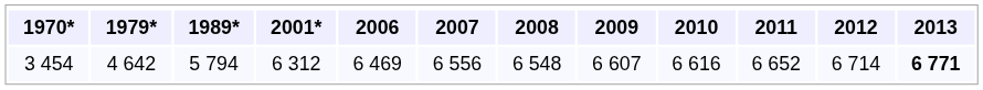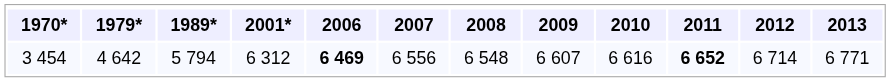 <table width="40%" align="center" border="0" cellspacing="2" cellpadding="5" style="border:1px solid #AAAAAA;">
 <tr bgcolor="#AAAAFF">
 </tr>
 <tr bgcolor="#eeeeff">
 <th>1970*</th>
 <th>1979*</th>
 <th>1989*</th>
 <th>2001*</th>
 <th>2006</th>
 <th>2007</th>
 <th>2008</th>
 <th>2009</th>
 <th>2010</th>
 <th>2011</th>
 <th>2012</th>
 <th>2013</th>
 </tr>
 <tr bgcolor="#f7f9ff">
 <td align=center>3 454</td>
 <td align=center>4 642</td>
 <td align=center>5 794</td>
 <td align=center>6 312</td>
-<td align=center>6 469</td>
+<td align=center><strong>6 469</strong></td>
 <td align=center>6 556</td>
 <td align=center>6 548</td>
 <td align=center>6 607</td>
 <td align=center>6 616</td>
-<td align=center>6 652</td>
+<td align=center><strong>6 652</strong></td>
 <td align=center>6 714</td>
-<td align=center><strong>6 771</strong></td>
+<td align=center>6 771</td>
 </tr>
 </table>
